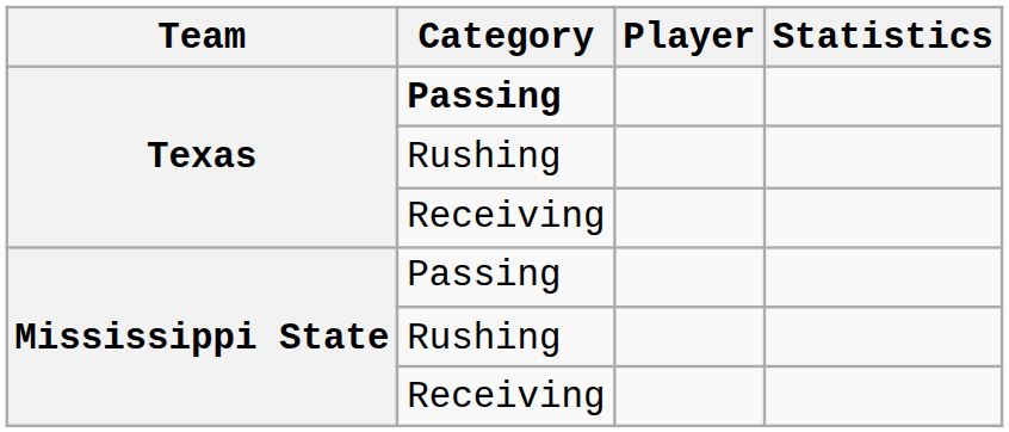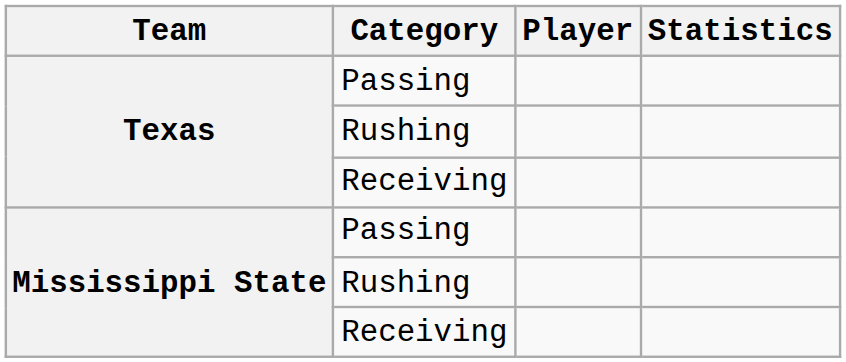 <table class="wikitable" style="float:right">
 <tr>
 <th>Team</th>
 <th>Category</th>
 <th>Player</th>
 <th>Statistics</th>
 </tr>
 <tr>
 <th rowspan=3>Texas</th>
-<td><strong>Passing</strong></td>
+<td>Passing</td>
 <td></td>
 <td></td>
 </tr>
 <tr>
 <td>Rushing</td>
 <td></td>
 <td></td>
 </tr>
 <tr>
 <td>Receiving</td>
 <td></td>
 <td></td>
 </tr>
 <tr>
 <th rowspan=3>Mississippi State</th>
 <td>Passing</td>
 <td></td>
 <td></td>
 </tr>
 <tr>
 <td>Rushing</td>
 <td></td>
 <td></td>
 </tr>
 <tr>
 <td>Receiving</td>
 <td></td>
 <td></td>
 </tr>
 </table>
